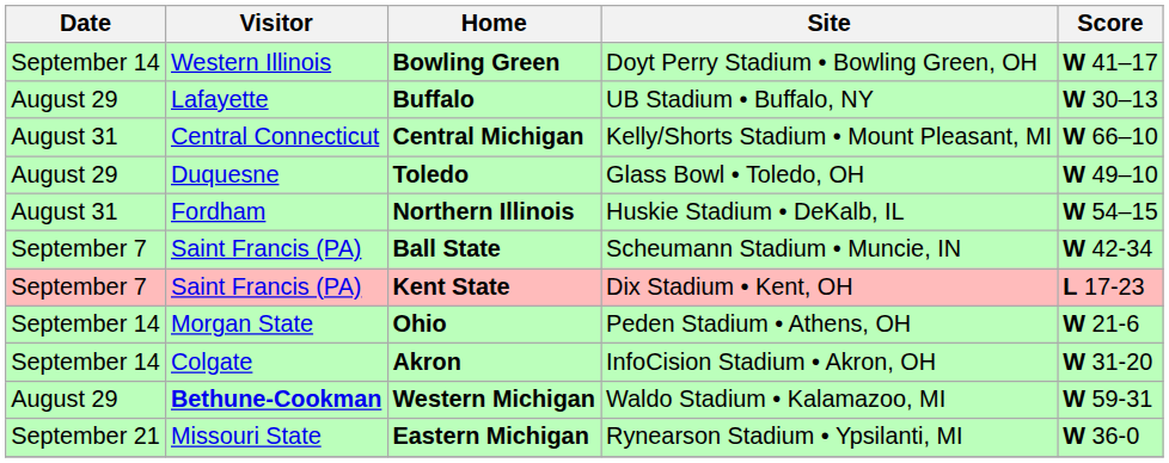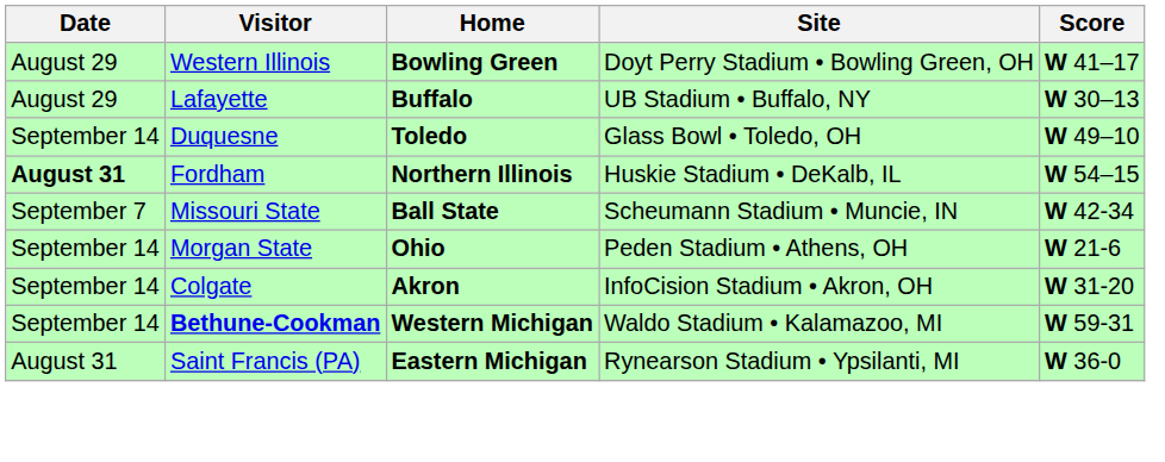 <table class="wikitable">
 <tr>
 <th>Date</th>
 <th>Visitor</th>
 <th>Home</th>
 <th>Site</th>
 <th>Score</th>
 </tr>
 <tr style="background:#bfb;">
-<td>September 14</td>
+<td>August 29</td>
 <td><a href='#'>Western Illinois</a></td>
 <td><strong>Bowling Green</strong></td>
 <td>Doyt Perry Stadium • Bowling Green, OH</td>
 <td><strong>W</strong> 41–17</td>
 </tr>
 <tr style="background:#bfb;">
 <td>August 29</td>
 <td><a href='#'>Lafayette</a></td>
 <td><strong>Buffalo</strong></td>
 <td>UB Stadium • Buffalo, NY</td>
 <td><strong>W</strong> 30–13</td>
 </tr>
 <tr style="background:#bfb;">
-<td>August 31</td>
-<td><a href='#'>Central Connecticut</a></td>
-<td><strong>Central Michigan</strong></td>
-<td>Kelly/Shorts Stadium • Mount Pleasant, MI</td>
-<td><strong>W</strong> 66–10</td>
-</tr>
-<tr style="background:#bfb;">
-<td>August 29</td>
+<td>September 14</td>
 <td><a href='#'>Duquesne</a></td>
 <td><strong>Toledo</strong></td>
 <td>Glass Bowl • Toledo, OH</td>
 <td><strong>W</strong> 49–10</td>
 </tr>
 <tr style="background:#bfb;">
-<td>August 31</td>
+<td><strong>August 31</strong></td>
 <td><a href='#'>Fordham</a></td>
 <td><strong>Northern Illinois</strong></td>
 <td>Huskie Stadium • DeKalb, IL</td>
 <td><strong>W</strong> 54–15</td>
 </tr>
 <tr style="background:#bfb;">
 <td>September 7</td>
-<td><a href='#'>Saint Francis (PA)</a></td>
+<td><a href='#'>Missouri State</a></td>
 <td><strong>Ball State</strong></td>
 <td>Scheumann Stadium • Muncie, IN</td>
 <td><strong>W</strong> 42-34</td>
-</tr>
-<tr style="background:#fbb;">
-<td>September 7</td>
-<td><a href='#'>Saint Francis (PA)</a></td>
-<td><strong>Kent State</strong></td>
-<td>Dix Stadium • Kent, OH</td>
-<td><strong>L</strong> 17-23</td>
 </tr>
 <tr style="background:#bfb;">
 <td>September 14</td>
 <td><a href='#'>Morgan State</a></td>
 <td><strong>Ohio</strong></td>
 <td>Peden Stadium • Athens, OH</td>
 <td><strong>W</strong> 21-6</td>
 </tr>
 <tr style="background:#bfb;">
 <td>September 14</td>
 <td><a href='#'>Colgate</a></td>
 <td><strong>Akron</strong></td>
 <td>InfoCision Stadium • Akron, OH</td>
 <td><strong>W</strong> 31-20</td>
 </tr>
 <tr style="background:#bfb;">
-<td>August 29</td>
+<td>September 14</td>
 <td><strong><a href='#'>Bethune-Cookman</a></strong></td>
 <td><strong>Western Michigan</strong></td>
 <td>Waldo Stadium • Kalamazoo, MI</td>
 <td><strong>W</strong> 59-31</td>
 </tr>
 <tr style="background:#bfb;">
-<td>September 21</td>
-<td><a href='#'>Missouri State</a></td>
+<td>August 31</td>
+<td><a href='#'>Saint Francis (PA)</a></td>
 <td><strong>Eastern Michigan</strong></td>
 <td>Rynearson Stadium • Ypsilanti, MI</td>
 <td><strong>W</strong> 36-0</td>
 </tr>
 <tr>
 </tr>
 </table>
